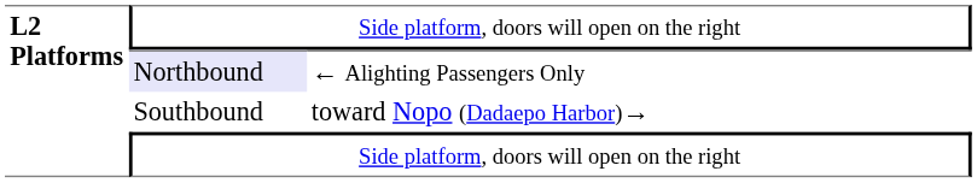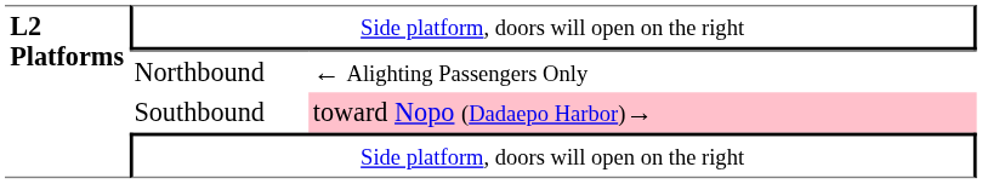 <table table border=0 cellspacing=0 cellpadding=3>
 <tr>
 <td style="border-top:solid 1px gray;border-bottom:solid 1px gray;" width=50 rowspan=10 valign=top><strong>L2<br>Platforms</strong></td>
 <td style="border-top:solid 1px gray;border-right:solid 2px black;border-left:solid 2px black;border-bottom:solid 2px black;text-align:center;" colspan=2><small><a href='#'>Side platform</a>, doors will open on the right</small></td>
 </tr>
 <tr>
-<td style="background: lavender; border-bottom:solid 0px gray;border-top:solid 1px gray;" width=100>Northbound</td>
+<td style="border-bottom:solid 0px gray;border-top:solid 1px gray;" width=100>Northbound</td>
 <td style="border-bottom:solid 0px gray;border-top:solid 1px gray;" width=390>←  <small>Alighting Passengers Only</small></td>
 </tr>
 <tr>
 <td>Southbound</td>
-<td>  toward <a href='#'>Nopo</a> <small>(<a href='#'>Dadaepo Harbor</a>)</small>→</td>
+<td style="background: pink;">  toward <a href='#'>Nopo</a> <small>(<a href='#'>Dadaepo Harbor</a>)</small>→</td>
 </tr>
 <tr>
 <td style="border-top:solid 2px black;border-right:solid 2px black;border-left:solid 2px black;border-bottom:solid 1px gray;text-align:center;" colspan=2><small><a href='#'>Side platform</a>, doors will open on the right</small></td>
 </tr>
 </table>
